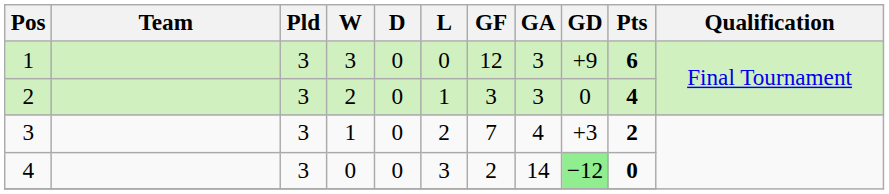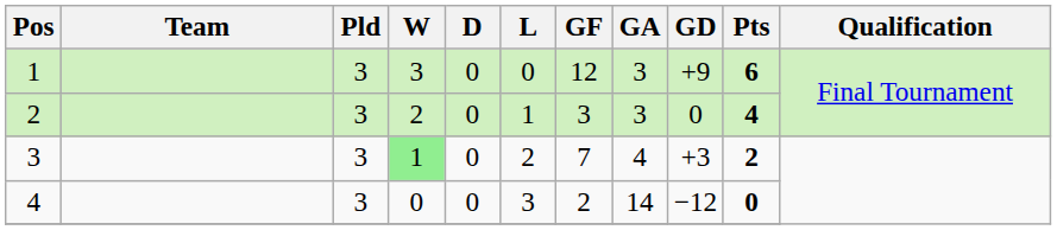 <table class="wikitable" border="1" style="text-align: center;">
 <tr>
 <th width="25"><abbr>Pos</abbr></th>
 <th width="150">Team</th>
 <th width="25"><abbr>Pld</abbr></th>
 <th width="25"><abbr>W</abbr></th>
 <th width="25"><abbr>D</abbr></th>
 <th width="25"><abbr>L</abbr></th>
 <th width="25"><abbr>GF</abbr></th>
 <th width="25"><abbr>GA</abbr></th>
 <th width="25"><abbr>GD</abbr></th>
 <th width="25"><abbr>Pts</abbr></th>
 <th width="150">Qualification</th>
 </tr>
 <tr bgcolor= #D0F0C0>
 <td>1</td>
 <td align="left"></td>
 <td>3</td>
 <td>3</td>
 <td>0</td>
 <td>0</td>
 <td>12</td>
 <td>3</td>
 <td>+9</td>
 <td><strong>6</strong></td>
 <td rowspan=2><a href='#'>Final Tournament</a></td>
 </tr>
 <tr bgcolor= #D0F0C0>
 <td>2</td>
 <td align="left"></td>
 <td>3</td>
 <td>2</td>
 <td>0</td>
 <td>1</td>
 <td>3</td>
 <td>3</td>
 <td>0</td>
 <td><strong>4</strong></td>
 </tr>
 <tr>
 <td>3</td>
 <td align="left"></td>
 <td>3</td>
-<td>1</td>
+<td style="background: lightgreen;">1</td>
 <td>0</td>
 <td>2</td>
 <td>7</td>
 <td>4</td>
 <td>+3</td>
 <td><strong>2</strong></td>
 </tr>
 <tr>
 <td>4</td>
 <td align="left"></td>
 <td>3</td>
 <td>0</td>
 <td>0</td>
 <td>3</td>
 <td>2</td>
 <td>14</td>
-<td style="background: lightgreen;">−12</td>
+<td>−12</td>
 <td><strong>0</strong></td>
 </tr>
 <tr>
 </tr>
 </table>
